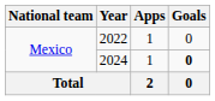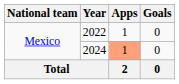 <table class="wikitable" style="text-align: center;">
 <tr>
 <th>National team</th>
 <th>Year</th>
 <th>Apps</th>
 <th>Goals</th>
 </tr>
 <tr>
 <td rowspan="2" valign="center"><a href='#'>Mexico</a></td>
 <td>2022</td>
 <td>1</td>
 <td>0</td>
 </tr>
 <tr>
 <td>2024</td>
-<td>1</td>
-<td><strong>0</strong></td>
+<td style="background: lightsalmon;">1</td>
+<td>0</td>
 </tr>
 <tr>
 <th colspan="2">Total</th>
 <th>2</th>
 <th>0</th>
 </tr>
 </table>
